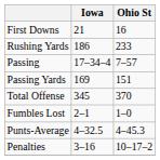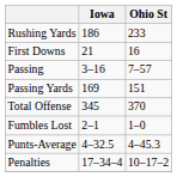 <table class="wikitable">
 <tr>
 <th></th>
 <th>Iowa</th>
 <th>Ohio St</th>
 </tr>
 <tr>
+<td>Rushing Yards</td>
+<td>186</td>
+<td>233</td>
+</tr>
+<tr>
 <td>First Downs</td>
 <td>21</td>
 <td>16</td>
 </tr>
 <tr>
-<td>Rushing Yards</td>
-<td>186</td>
-<td>233</td>
-</tr>
-<tr>
 <td>Passing</td>
-<td>17–34–4</td>
+<td>3–16</td>
 <td>7–57</td>
 </tr>
 <tr>
 <td>Passing Yards</td>
 <td>169</td>
 <td>151</td>
 </tr>
 <tr>
 <td>Total Offense</td>
 <td>345</td>
 <td>370</td>
 </tr>
 <tr>
 <td>Fumbles Lost</td>
 <td>2–1</td>
 <td>1–0</td>
 </tr>
 <tr>
 <td>Punts-Average</td>
 <td>4–32.5</td>
 <td>4–45.3</td>
 </tr>
 <tr>
 <td>Penalties</td>
-<td>3–16</td>
+<td>17–34–4</td>
 <td>10–17–2</td>
 </tr>
 <tr>
 </tr>
 </table>
